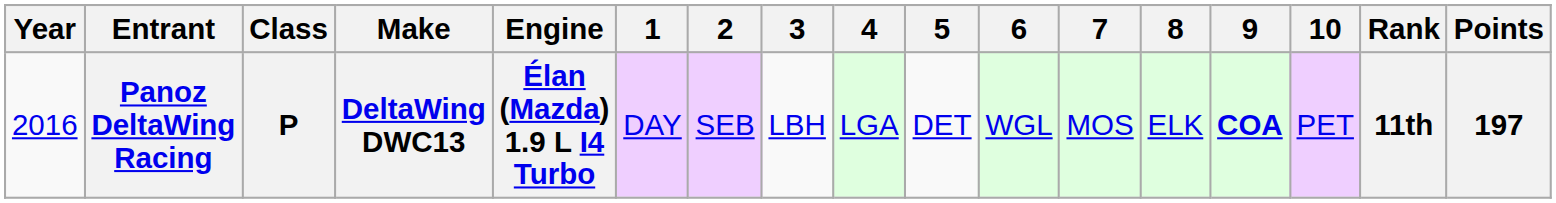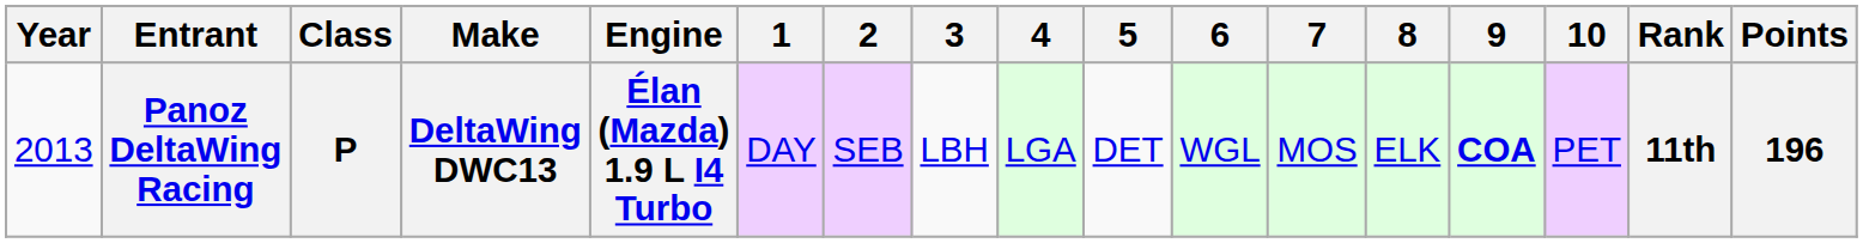 <table class="wikitable" style="text-align:center; font-size:90%">
 <tr>
 <th>Year</th>
 <th>Entrant</th>
 <th>Class</th>
 <th>Make</th>
 <th>Engine</th>
 <th>1</th>
 <th>2</th>
 <th>3</th>
 <th>4</th>
 <th>5</th>
 <th>6</th>
 <th>7</th>
 <th>8</th>
 <th>9</th>
 <th>10</th>
 <th>Rank</th>
 <th>Points</th>
 </tr>
 <tr>
-<td><a href='#'>2016</a></td>
+<td><a href='#'>2013</a></td>
 <th><a href='#'>Panoz DeltaWing Racing</a></th>
 <th>P</th>
 <th><a href='#'>DeltaWing</a> DWC13</th>
 <th><a href='#'>Élan</a> (<a href='#'>Mazda</a>) 1.9 L <a href='#'>I4</a> <a href='#'>Turbo</a></th>
 <td style="background:#EFCFFF;"><a href='#'>DAY</a><br></td>
 <td style="background:#EFCFFF;"><a href='#'>SEB</a><br></td>
 <td><a href='#'>LBH</a><br></td>
 <td style="background:#DFFFDF;"><a href='#'>LGA</a><br></td>
 <td><a href='#'>DET</a><br></td>
 <td style="background:#DFFFDF;"><a href='#'>WGL</a><br></td>
 <td style="background:#DFFFDF;"><a href='#'>MOS</a><br></td>
 <td style="background:#DFFFDF;"><a href='#'>ELK</a><br></td>
 <td style="background:#DFFFDF;"><strong><a href='#'>COA</a><br></strong></td>
 <td style="background:#EFCFFF;"><a href='#'>PET</a><br></td>
 <th>11th</th>
-<th>197</th>
+<th>196</th>
 </tr>
 </table>
